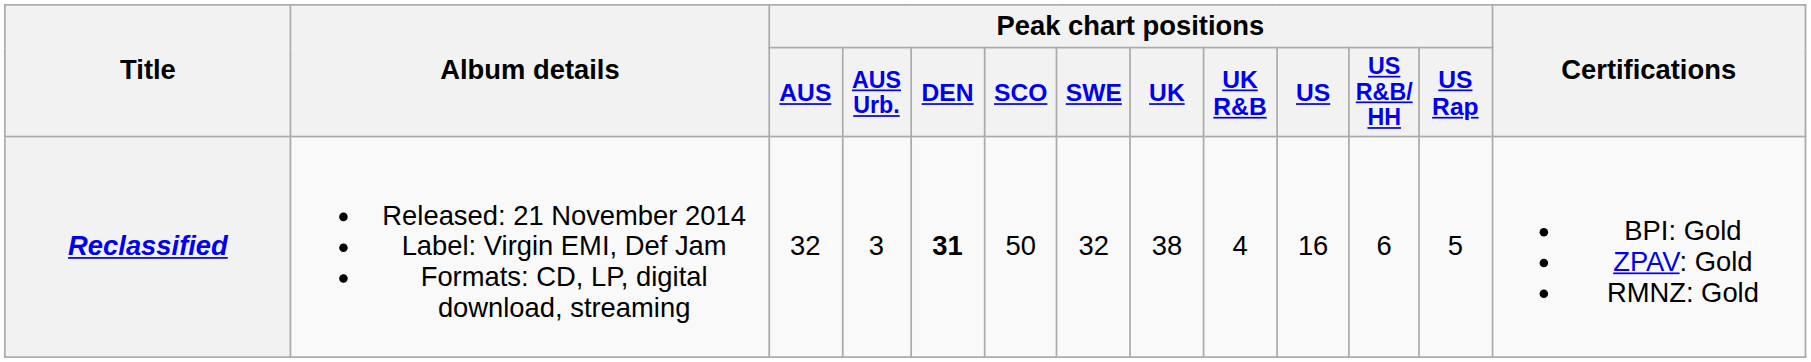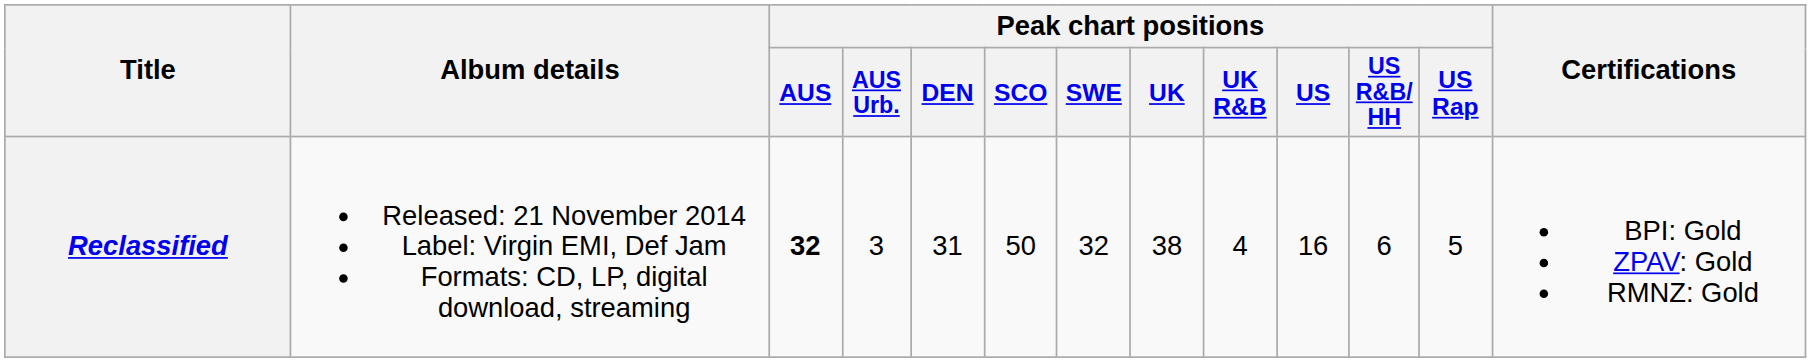 <table class="wikitable plainrowheaders" style="text-align:center;">
 <tr>
 <th scope="col" rowspan="2" style="width:10em;">Title</th>
 <th scope="col" rowspan="2" style="width:17em;">Album details</th>
 <th scope="col" colspan="10">Peak chart positions</th>
 <th scope="col" rowspan="2" style="width:11em;">Certifications</th>
 </tr>
 <tr>
 <th scope="col" style="width:2.5em;font-size:90%;"><a href='#'>AUS</a><br></th>
 <th scope="col" style="width:2.5em;font-size:85%;"><a href='#'>AUS Urb.</a><br></th>
 <th scope="col" style="width:2.5em;font-size:90%;"><a href='#'>DEN</a><br></th>
 <th scope="col" style="width:2.5em;font-size:90%;"><a href='#'>SCO</a><br></th>
 <th scope="col" style="width:2.5em;font-size:90%;"><a href='#'>SWE</a><br></th>
 <th scope="col" style="width:2.5em;font-size:90%;"><a href='#'>UK</a><br></th>
 <th scope="col" style="width:2.5em;font-size:90%;"><a href='#'>UK<br>R&B</a> <br></th>
 <th scope="col" style="width:2.5em;font-size:90%;"><a href='#'>US</a><br></th>
 <th scope="col" style="width:2.5em;font-size:85%;"><a href='#'>US <br>R&B/<br>HH</a><br></th>
 <th scope="col" style="width:2.5em;font-size:90%;"><a href='#'>US<br>Rap</a><br></th>
 </tr>
 <tr>
 <th scope="row"><em><a href='#'>Reclassified</a></em></th>
 <td><br><ul><li>Released: 21 November 2014</li><li>Label: Virgin EMI, Def Jam</li><li>Formats: CD, LP, digital download, streaming</li></ul></td>
-<td>32</td>
+<td><strong>32</strong></td>
 <td>3</td>
-<td><strong>31</strong></td>
+<td>31</td>
 <td>50</td>
 <td>32</td>
 <td>38</td>
 <td>4</td>
 <td>16</td>
 <td>6</td>
 <td>5</td>
 <td><br><ul><li>BPI: Gold</li><li><a href='#'>ZPAV</a>: Gold</li><li>RMNZ: Gold</li></ul></td>
 </tr>
 </table>
